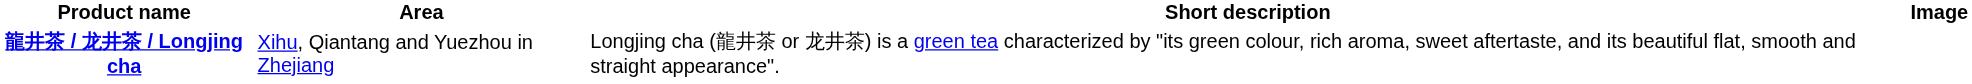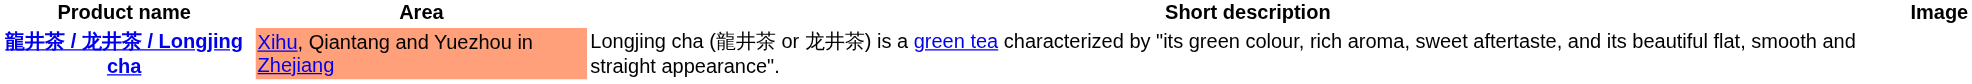 <table>
 <tr>
 <th>Product name</th>
 <th>Area</th>
 <th>Short description</th>
 <th>Image</th>
 </tr>
 <tr>
 <th><a href='#'>龍井茶 / 龙井茶 / Longjing cha</a></th>
-<td><a href='#'>Xihu</a>, Qiantang and Yuezhou in <a href='#'>Zhejiang</a></td>
+<td style="background: lightsalmon;"><a href='#'>Xihu</a>, Qiantang and Yuezhou in <a href='#'>Zhejiang</a></td>
 <td>Longjing cha (龍井茶 or 龙井茶) is a <a href='#'>green tea</a> characterized by "its green colour, rich aroma, sweet aftertaste, and its beautiful flat, smooth and straight appearance".</td>
 <td></td>
 </tr>
 <tr>
 </tr>
 </table>
